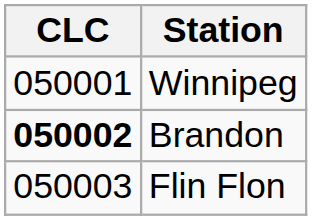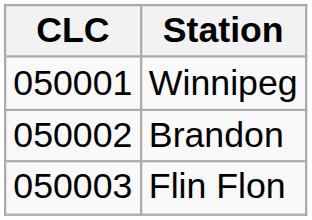 <table class="wikitable" style="line-height: 100%;">
 <tr>
 <th>CLC</th>
 <th>Station</th>
 </tr>
 <tr>
 <td>050001</td>
 <td>Winnipeg</td>
 </tr>
 <tr>
-<td><strong>050002</strong></td>
+<td>050002</td>
 <td>Brandon</td>
 </tr>
 <tr>
 <td>050003</td>
 <td>Flin Flon</td>
 </tr>
 </table>
